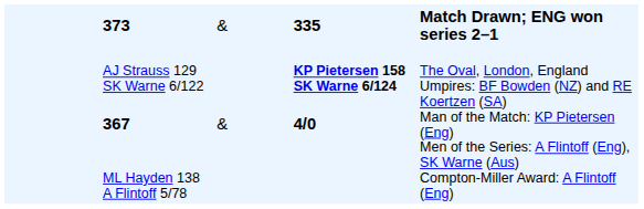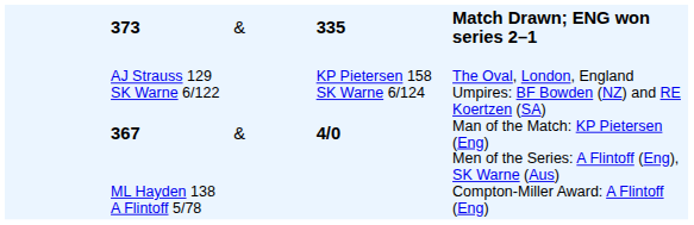 <table width="100%" style="background: #EBF5FF">
 <tr>
 <td width="15%" valign="top" rowspan="2"><strong></strong></td>
 <td width="18%"><strong>373</strong></td>
 <td width="12%">&</td>
 <td width="20%"><strong>335</strong></td>
 <td width="35%"><strong>Match Drawn; ENG won series 2–1</strong></td>
 </tr>
 <tr>
 <td style="font-size: 85%;" valign="top"><br><a href='#'>AJ Strauss</a> 129<br> <a href='#'>SK Warne</a> 6/122</td>
 <td></td>
-<td valign="top" style="font-size: 85%;"><strong><br><a href='#'>KP Pietersen</a> 158<br> <a href='#'>SK Warne</a> 6/124</strong></td>
+<td valign="top" style="font-size: 85%;"><br><a href='#'>KP Pietersen</a> 158<br> <a href='#'>SK Warne</a> 6/124</td>
 <td valign="top" style="font-size: 85%;" rowspan="3"><br><a href='#'>The Oval</a>, <a href='#'>London</a>, England<br> Umpires: <a href='#'>BF Bowden</a> (<a href='#'>NZ</a>) and <a href='#'>RE Koertzen</a> (<a href='#'>SA</a>)<br> Man of the Match: <a href='#'>KP Pietersen</a> (<a href='#'>Eng</a>)<br> Men of the Series: <a href='#'>A Flintoff</a> (<a href='#'>Eng</a>), <a href='#'>SK Warne</a> (<a href='#'>Aus</a>)<br> Compton-Miller Award: <a href='#'>A Flintoff</a> (<a href='#'>Eng</a>)</td>
 </tr>
 <tr>
 <td valign="top" rowspan="2"><strong></strong></td>
 <td><strong>367</strong></td>
 <td>&</td>
 <td><strong>4/0</strong></td>
 </tr>
 <tr>
 <td style="font-size: 85%;"><br><a href='#'>ML Hayden</a> 138<br> <a href='#'>A Flintoff</a> 5/78</td>
 <td></td>
 <td valign="top" style="font-size: 85%;"></td>
 </tr>
 </table>
